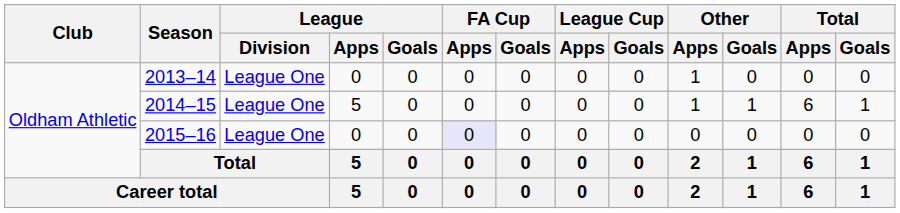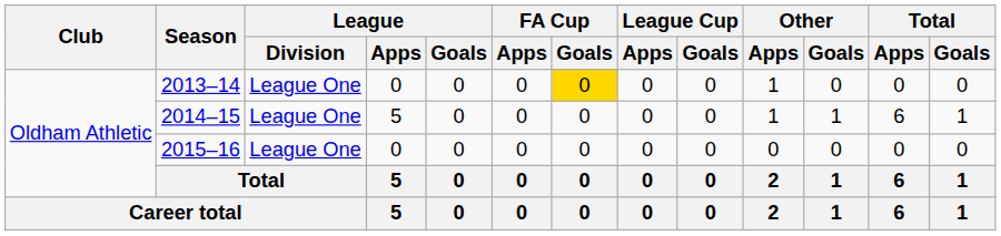 <table class="wikitable" style="text-align: center;">
 <tr>
 <th rowspan="2">Club</th>
 <th rowspan="2">Season</th>
 <th colspan="3">League</th>
 <th colspan="2">FA Cup</th>
 <th colspan="2">League Cup</th>
 <th colspan="2">Other</th>
 <th colspan="2">Total</th>
 </tr>
 <tr>
 <th>Division</th>
 <th>Apps</th>
 <th>Goals</th>
 <th>Apps</th>
 <th>Goals</th>
 <th>Apps</th>
 <th>Goals</th>
 <th>Apps</th>
 <th>Goals</th>
 <th>Apps</th>
 <th>Goals</th>
 </tr>
 <tr>
 <td rowspan="4" valign="center"><a href='#'>Oldham Athletic</a></td>
 <td><a href='#'>2013–14</a></td>
 <td><a href='#'>League One</a></td>
 <td>0</td>
 <td>0</td>
 <td>0</td>
-<td>0</td>
+<td style="background: gold;">0</td>
 <td>0</td>
 <td>0</td>
 <td>1</td>
 <td>0</td>
 <td>0</td>
 <td>0</td>
 </tr>
 <tr>
 <td><a href='#'>2014–15</a></td>
 <td><a href='#'>League One</a></td>
 <td>5</td>
 <td>0</td>
 <td>0</td>
 <td>0</td>
 <td>0</td>
 <td>0</td>
 <td>1</td>
 <td>1</td>
 <td>6</td>
 <td>1</td>
 </tr>
 <tr>
 <td><a href='#'>2015–16</a></td>
 <td><a href='#'>League One</a></td>
 <td>0</td>
 <td>0</td>
-<td style="background: lavender;">0</td>
+<td>0</td>
 <td>0</td>
 <td>0</td>
 <td>0</td>
 <td>0</td>
 <td>0</td>
 <td>0</td>
 <td>0</td>
 </tr>
 <tr>
 <th colspan="2">Total</th>
 <th>5</th>
 <th>0</th>
 <th>0</th>
 <th>0</th>
 <th>0</th>
 <th>0</th>
 <th>2</th>
 <th>1</th>
 <th>6</th>
 <th>1</th>
 </tr>
 <tr>
 <th colspan="3">Career total</th>
 <th>5</th>
 <th>0</th>
 <th>0</th>
 <th>0</th>
 <th>0</th>
 <th>0</th>
 <th>2</th>
 <th>1</th>
 <th>6</th>
 <th>1</th>
 </tr>
 </table>
